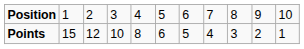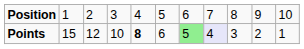 <table class="wikitable" style="font-size: 85%;">
 <tr>
 <td><strong>Position</strong></td>
 <td width=20>1</td>
 <td width=20>2</td>
 <td width=20>3</td>
 <td width=20>4</td>
 <td width=20>5</td>
 <td width=20>6</td>
 <td width=20>7</td>
 <td width=20>8</td>
 <td width=20>9</td>
 <td width=20>10</td>
 </tr>
 <tr>
 <td><strong>Points</strong></td>
 <td>15</td>
 <td>12</td>
 <td>10</td>
-<td>8</td>
+<td><strong>8</strong></td>
 <td>6</td>
-<td>5</td>
-<td>4</td>
+<td style="background: lightgreen;">5</td>
+<td style="background: lavender;">4</td>
 <td>3</td>
 <td>2</td>
 <td>1</td>
 </tr>
 </table>
